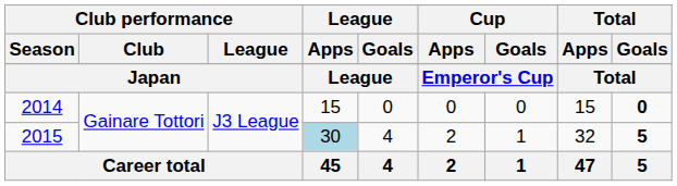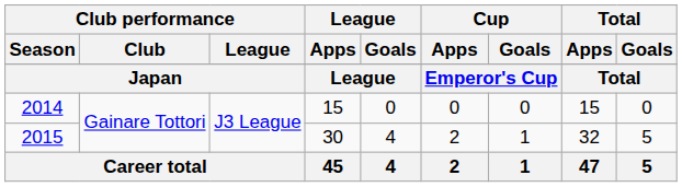 <table class="wikitable" style="text-align:center">
 <tr>
 <th colspan=3>Club performance</th>
 <th colspan=2>League</th>
 <th colspan=2>Cup</th>
 <th colspan=2>Total</th>
 </tr>
 <tr>
 <th>Season</th>
 <th>Club</th>
 <th>League</th>
 <th>Apps</th>
 <th>Goals</th>
 <th>Apps</th>
 <th>Goals</th>
 <th>Apps</th>
 <th>Goals</th>
 </tr>
 <tr>
 </tr>
 <tr>
 <th colspan=3>Japan</th>
 <th colspan=2>League</th>
 <th colspan=2><a href='#'>Emperor's Cup</a></th>
 <th colspan=2>Total</th>
 </tr>
 <tr>
 <td><a href='#'>2014</a></td>
 <td rowspan="2"><a href='#'>Gainare Tottori</a></td>
 <td rowspan="2"><a href='#'>J3 League</a></td>
 <td>15</td>
 <td>0</td>
 <td>0</td>
 <td>0</td>
 <td>15</td>
-<td><strong>0</strong></td>
+<td>0</td>
 </tr>
 <tr>
 <td><a href='#'>2015</a></td>
-<td style="background: lightblue;">30</td>
+<td>30</td>
 <td>4</td>
 <td>2</td>
 <td>1</td>
 <td>32</td>
-<td><strong>5</strong></td>
+<td>5</td>
 </tr>
 <tr>
 <th colspan=3>Career total</th>
 <th>45</th>
 <th>4</th>
 <th>2</th>
 <th>1</th>
 <th>47</th>
 <th>5</th>
 </tr>
 </table>
